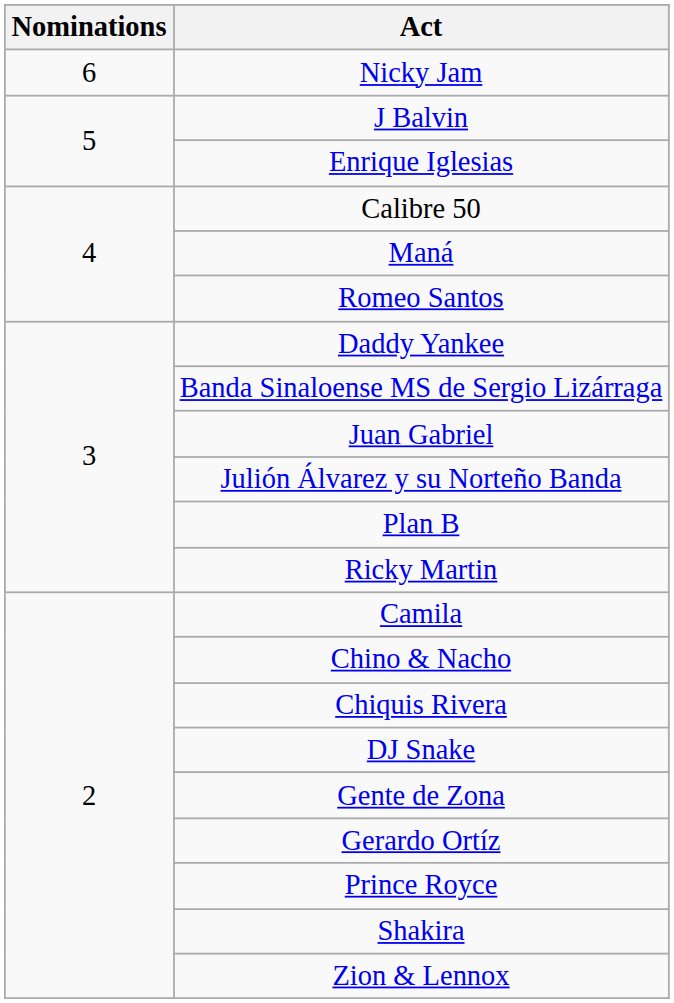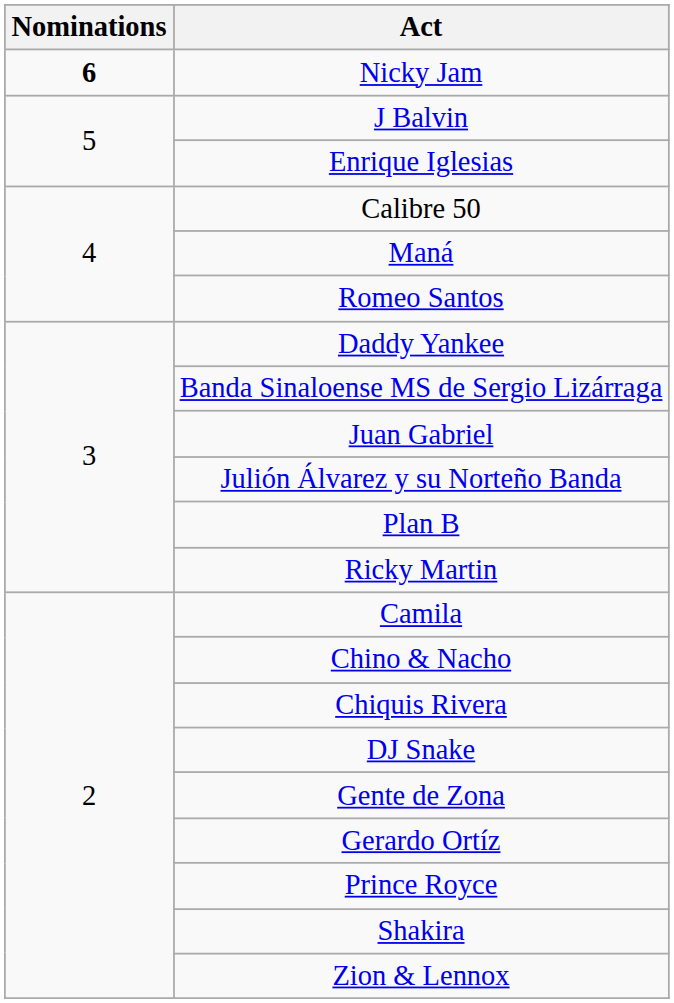 <table class="wikitable" rowspan="2" style="text-align:center;">
 <tr>
 <th scope="col">Nominations</th>
 <th scope="col">Act</th>
 </tr>
 <tr>
-<td>6</td>
+<td><strong>6</strong></td>
 <td><a href='#'>Nicky Jam</a></td>
 </tr>
 <tr>
 <td rowspan="2">5</td>
 <td><a href='#'>J Balvin</a></td>
 </tr>
 <tr>
 <td><a href='#'>Enrique Iglesias</a></td>
 </tr>
 <tr>
 <td rowspan="3">4</td>
 <td>Calibre 50</td>
 </tr>
 <tr>
 <td><a href='#'>Maná</a></td>
 </tr>
 <tr>
 <td><a href='#'>Romeo Santos</a></td>
 </tr>
 <tr>
 <td rowspan="6">3</td>
 <td><a href='#'>Daddy Yankee</a></td>
 </tr>
 <tr>
 <td><a href='#'>Banda Sinaloense MS de Sergio Lizárraga</a></td>
 </tr>
 <tr>
 <td><a href='#'>Juan Gabriel</a></td>
 </tr>
 <tr>
 <td><a href='#'>Julión Álvarez y su Norteño Banda</a></td>
 </tr>
 <tr>
 <td><a href='#'>Plan B</a></td>
 </tr>
 <tr>
 <td><a href='#'>Ricky Martin</a></td>
 </tr>
 <tr>
 <td rowspan="9">2</td>
 <td><a href='#'>Camila</a></td>
 </tr>
 <tr>
 <td><a href='#'>Chino & Nacho</a></td>
 </tr>
 <tr>
 <td><a href='#'>Chiquis Rivera</a></td>
 </tr>
 <tr>
 <td><a href='#'>DJ Snake</a></td>
 </tr>
 <tr>
 <td><a href='#'>Gente de Zona</a></td>
 </tr>
 <tr>
 <td><a href='#'>Gerardo Ortíz</a></td>
 </tr>
 <tr>
 <td><a href='#'>Prince Royce</a></td>
 </tr>
 <tr>
 <td><a href='#'>Shakira</a></td>
 </tr>
 <tr>
 <td><a href='#'>Zion & Lennox</a></td>
 </tr>
 </table>
